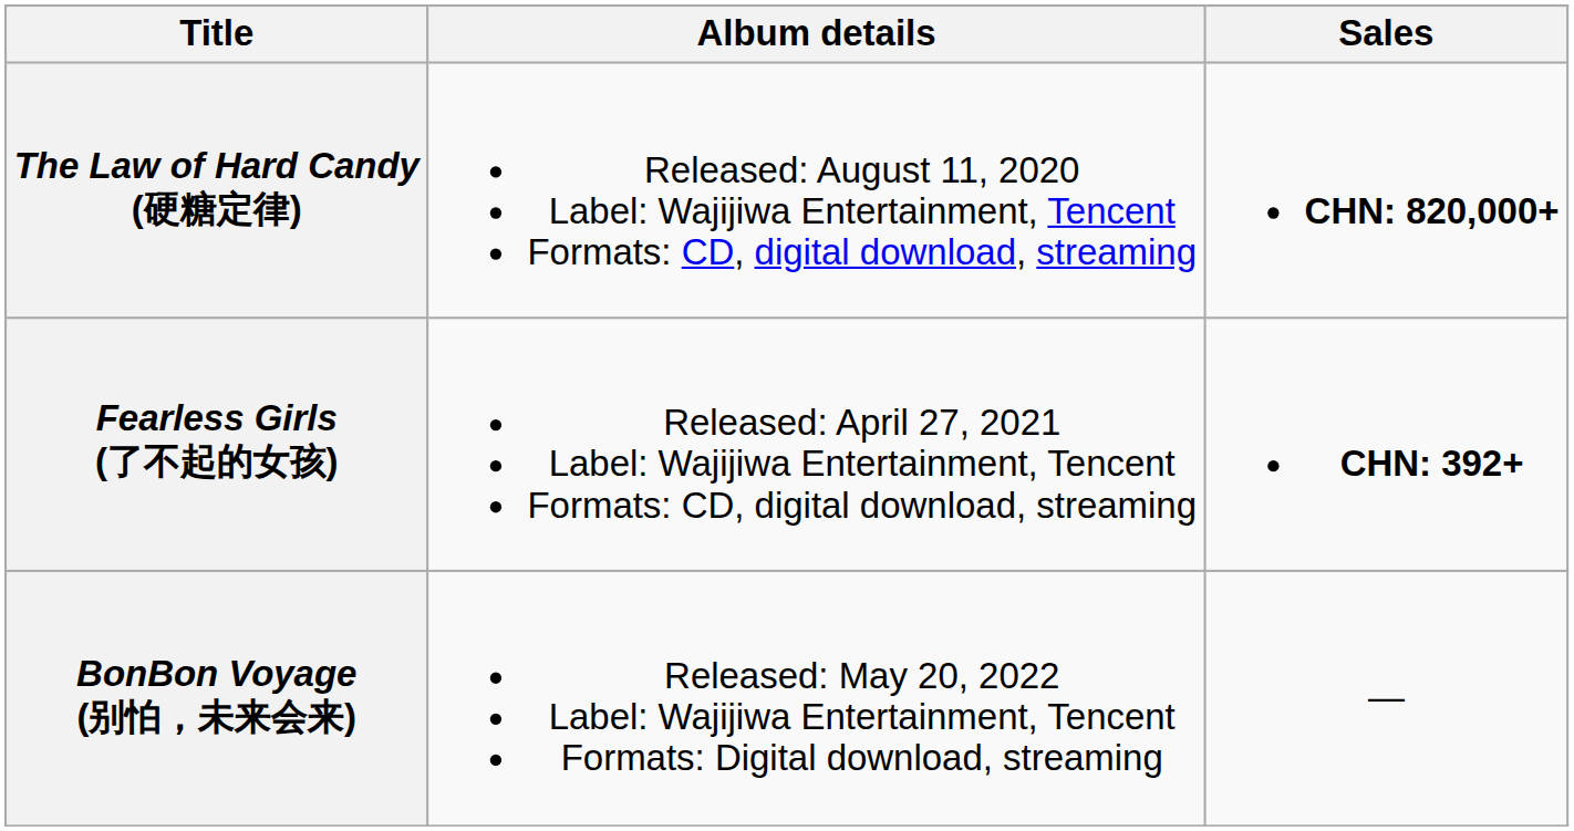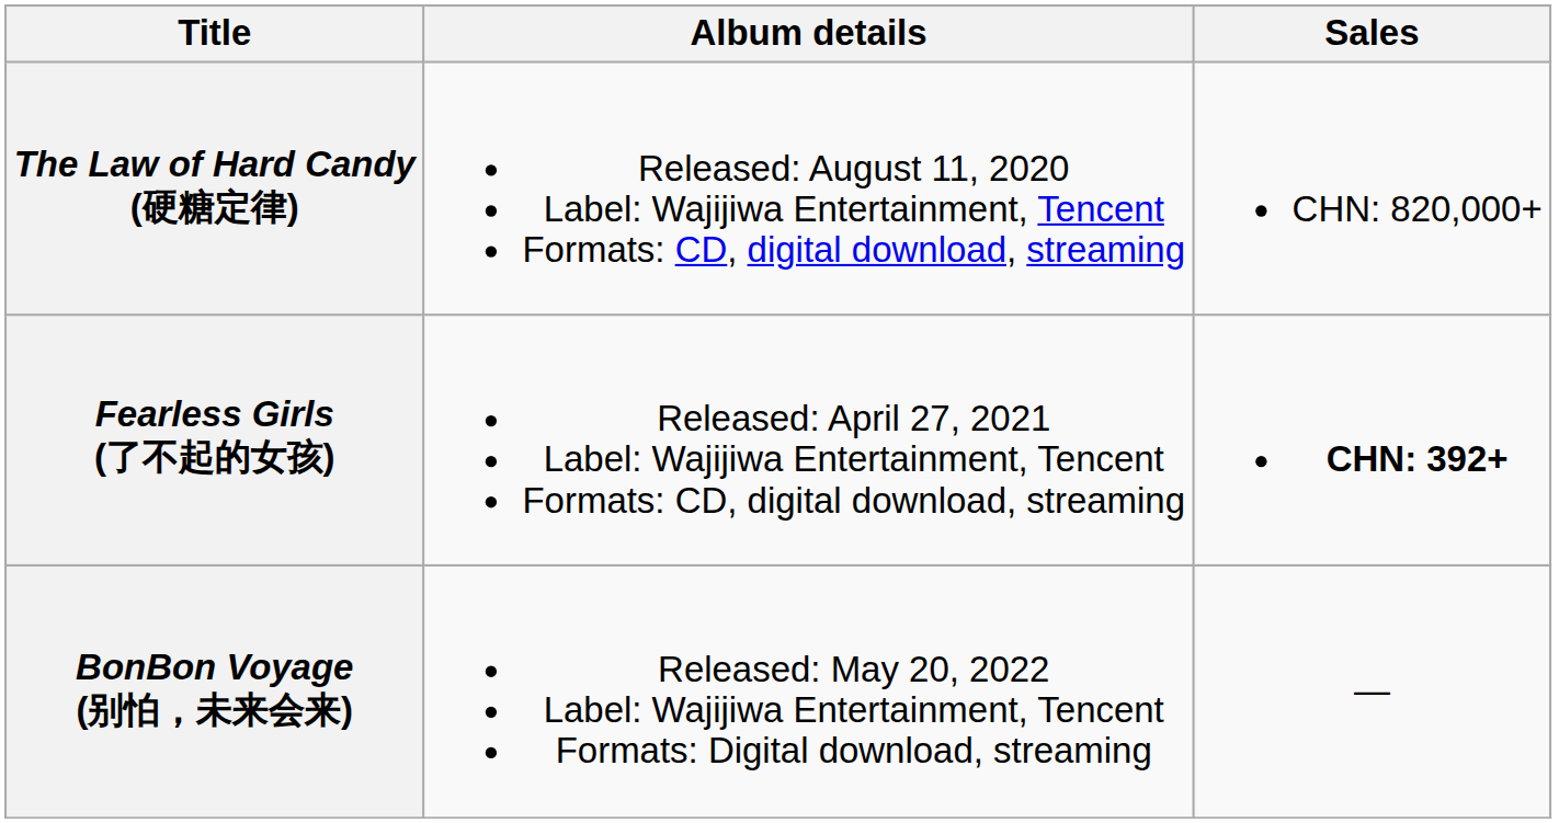 <table class="wikitable plainrowheaders" style="text-align:center;">
 <tr>
 <th scope="col">Title</th>
 <th scope="col">Album details</th>
 <th scope="col">Sales</th>
 </tr>
 <tr>
 <th scope="row"><em>The Law of Hard Candy</em><br>(硬糖定律)</th>
 <td><br><ul><li>Released: August 11, 2020</li><li>Label: Wajijiwa Entertainment, <a href='#'>Tencent</a></li><li>Formats: <a href='#'>CD</a>, <a href='#'>digital download</a>, <a href='#'>streaming</a></li></ul></td>
-<td><strong><br><ul><li>CHN: 820,000+ </li></ul></strong></td>
+<td><br><ul><li>CHN: 820,000+ </li></ul></td>
 </tr>
 <tr>
 <th scope="row"><em>Fearless Girls</em><br>(了不起的女孩)</th>
 <td><br><ul><li>Released: April 27, 2021</li><li>Label: Wajijiwa Entertainment, Tencent</li><li>Formats: CD, digital download, streaming</li></ul></td>
 <td><strong><br><ul><li>CHN: 392+ </li></ul></strong></td>
 </tr>
 <tr>
 <th scope="row"><em>BonBon Voyage</em><br>(别怕，未来会来)</th>
 <td><br><ul><li>Released: May 20, 2022</li><li>Label: Wajijiwa Entertainment, Tencent</li><li>Formats: Digital download, streaming</li></ul></td>
 <td>—</td>
 </tr>
 <tr>
 </tr>
 </table>
